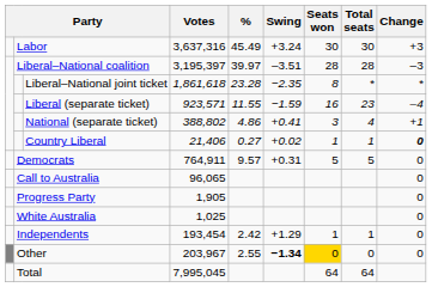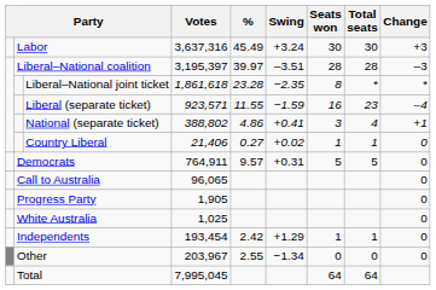 <table class="wikitable">
 <tr>
 <th colspan=3 style="width:180px">Party</th>
 <th style="width:70px">Votes</th>
 <th style="width:40px">%</th>
 <th style="width:40px">Swing</th>
 <th style="width:40px">Seats won</th>
 <th style="width:40px">Total seats</th>
 <th style="width:40px">Change</th>
 </tr>
 <tr>
 <td> </td>
 <td colspan=2><a href='#'>Labor</a></td>
 <td align=right>3,637,316</td>
 <td align=right>45.49</td>
 <td align=right>+3.24</td>
 <td align=right>30</td>
 <td align=right>30</td>
 <td align=right>+3</td>
 </tr>
 <tr>
 <td rowspan=5> </td>
 <td colspan=2><a href='#'>Liberal–National coalition</a></td>
 <td align=right>3,195,397</td>
 <td align=right>39.97</td>
 <td align=right>–3.51</td>
 <td align=right>28</td>
 <td align=right>28</td>
 <td align=right>–3</td>
 </tr>
 <tr>
 <td> </td>
 <td>Liberal–National joint ticket</td>
 <td align=right><em>1,861,618</em></td>
 <td align=right><em>23.28</em></td>
 <td align=right><em>−2.35</em></td>
 <td align=right><em>8</em></td>
 <td align=right><em>*</em></td>
 <td align=right><em>*</em></td>
 </tr>
 <tr>
 <td> </td>
 <td><a href='#'>Liberal</a> (separate ticket)</td>
 <td align=right><em>923,571</em></td>
 <td align=right><em>11.55</em></td>
 <td align=right><em>−1.59</em></td>
 <td align=right><em>16</em></td>
 <td align=right><em>23</em></td>
 <td align=right><em>–4</em></td>
 </tr>
 <tr>
 <td> </td>
 <td><a href='#'>National</a> (separate ticket)</td>
 <td align=right><em>388,802</em></td>
 <td align=right><em>4.86</em></td>
 <td align=right><em>+0.41</em></td>
 <td align=right><em>3</em></td>
 <td align=right><em>4</em></td>
 <td align=right><em>+1</em></td>
 </tr>
 <tr>
 <td> </td>
 <td><a href='#'>Country Liberal</a></td>
 <td align=right><em>21,406</em></td>
 <td align=right><em>0.27</em></td>
 <td align=right><em>+0.02</em></td>
 <td align=right><em>1</em></td>
 <td align=right><em>1</em></td>
-<td align=right><strong><em>0</em></strong></td>
+<td align=right><em>0</em></td>
 </tr>
 <tr>
 <td> </td>
 <td colspan=2><a href='#'>Democrats</a></td>
 <td align=right>764,911</td>
 <td align=right>9.57</td>
 <td align=right>+0.31</td>
 <td align=right>5</td>
 <td align=right>5</td>
 <td align=right>0</td>
 </tr>
 <tr>
 <td> </td>
 <td colspan=2><a href='#'>Call to Australia</a></td>
 <td align=right>96,065</td>
 <td align=right></td>
 <td align=right></td>
 <td align=right></td>
 <td align=right></td>
 <td align=right>0</td>
 </tr>
 <tr>
 <td> </td>
 <td colspan=2><a href='#'>Progress Party</a></td>
 <td align=right>1,905</td>
 <td align=right></td>
 <td align=right></td>
 <td align=right></td>
 <td align=right></td>
 <td align=right>0</td>
 </tr>
 <tr>
 <td> </td>
 <td colspan=2><a href='#'>White Australia</a></td>
 <td align=right>1,025</td>
 <td align=right></td>
 <td align=right></td>
 <td align=right></td>
 <td align=right></td>
 <td align=right>0</td>
 </tr>
 <tr>
 <td> </td>
 <td colspan=2><a href='#'>Independents</a></td>
 <td align=right>193,454</td>
 <td align=right>2.42</td>
 <td align=right>+1.29</td>
 <td align=right>1</td>
 <td align=right>1</td>
 <td align=right>0</td>
 </tr>
 <tr>
 <td bgcolor=gray> </td>
 <td colspan=2>Other</td>
 <td align=right>203,967</td>
 <td align=right>2.55</td>
-<td align=right><strong>−1.34</strong></td>
-<td align=right style="background: gold;">0</td>
+<td align=right>−1.34</td>
+<td align=right>0</td>
 <td align=right>0</td>
 <td align=right>0</td>
 </tr>
 <tr>
 <td> </td>
 <td colspan=2>Total</td>
 <td align=right>7,995,045</td>
 <td align=right> </td>
 <td align=right> </td>
 <td align=right>64</td>
 <td align=right>64</td>
 <td align=right></td>
 </tr>
 </table>
